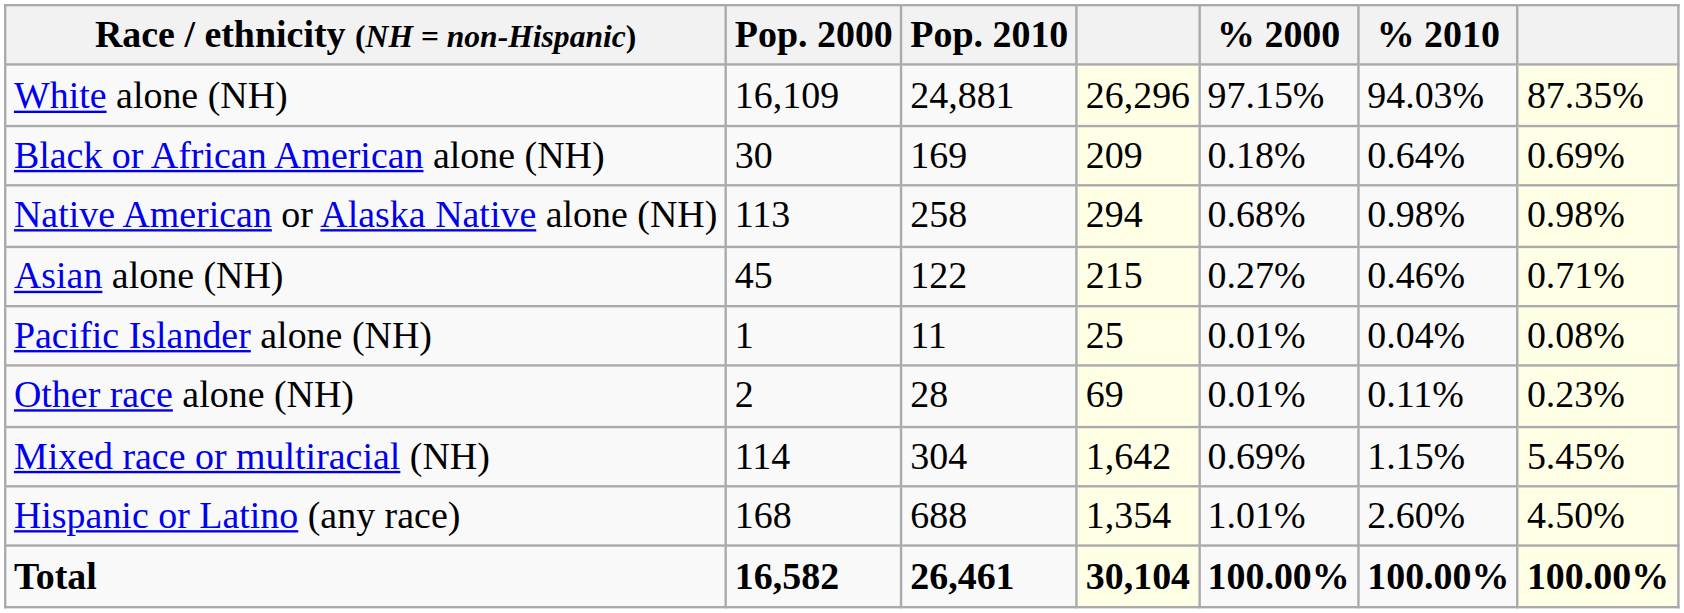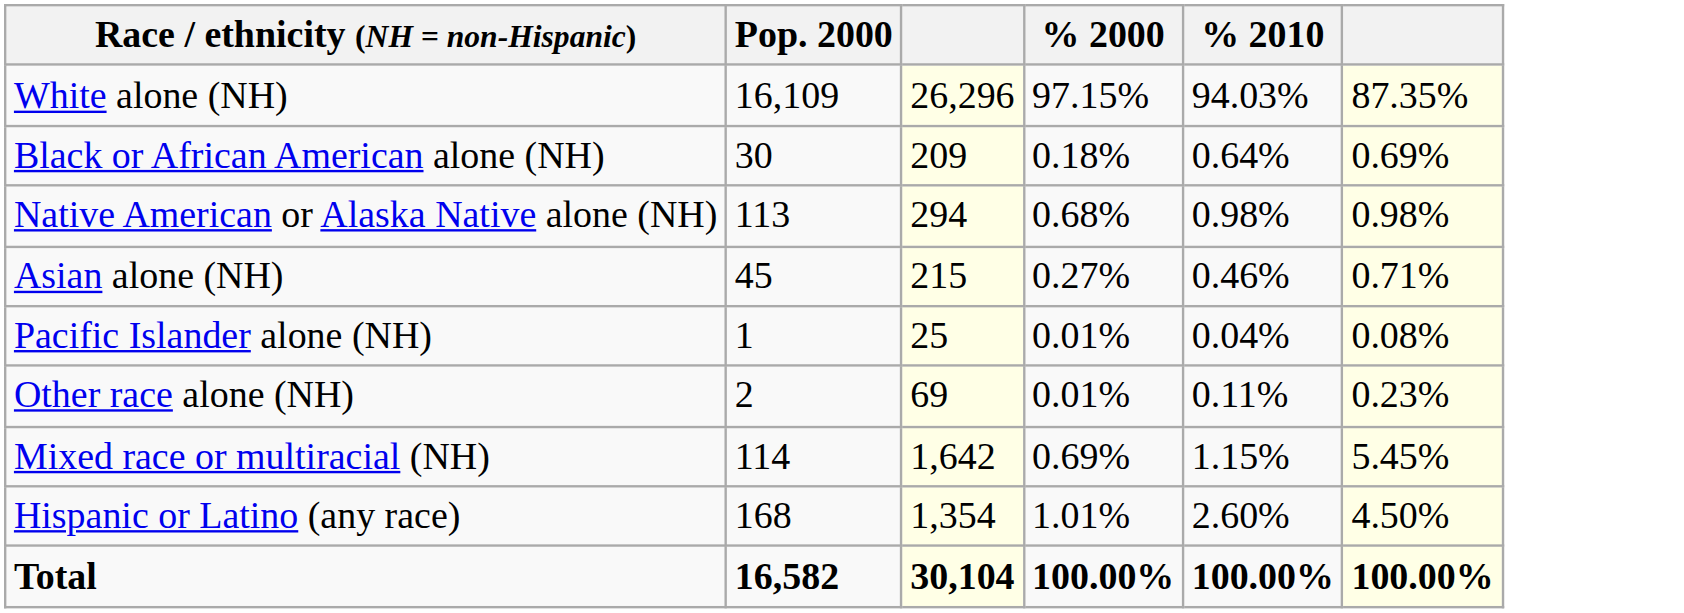 <table class="wikitable">
 <tr>
 <th>Race / ethnicity <small>(<em>NH = non-Hispanic</em>)</small></th>
 <th>Pop. 2000</th>
-<th>Pop. 2010</th>
 <th></th>
 <th>% 2000</th>
 <th>% 2010</th>
 <th></th>
 </tr>
 <tr>
 <td><a href='#'>White</a> alone (NH)</td>
 <td>16,109</td>
-<td>24,881</td>
 <td style='background: #ffffe6;'>26,296</td>
 <td>97.15%</td>
 <td>94.03%</td>
 <td style='background: #ffffe6;'>87.35%</td>
 </tr>
 <tr>
 <td><a href='#'>Black or African American</a> alone (NH)</td>
 <td>30</td>
-<td>169</td>
 <td style='background: #ffffe6;'>209</td>
 <td>0.18%</td>
 <td>0.64%</td>
 <td style='background: #ffffe6;'>0.69%</td>
 </tr>
 <tr>
 <td><a href='#'>Native American</a> or <a href='#'>Alaska Native</a> alone (NH)</td>
 <td>113</td>
-<td>258</td>
 <td style='background: #ffffe6;'>294</td>
 <td>0.68%</td>
 <td>0.98%</td>
 <td style='background: #ffffe6;'>0.98%</td>
 </tr>
 <tr>
 <td><a href='#'>Asian</a> alone (NH)</td>
 <td>45</td>
-<td>122</td>
 <td style='background: #ffffe6;'>215</td>
 <td>0.27%</td>
 <td>0.46%</td>
 <td style='background: #ffffe6;'>0.71%</td>
 </tr>
 <tr>
 <td><a href='#'>Pacific Islander</a> alone (NH)</td>
 <td>1</td>
-<td>11</td>
 <td style='background: #ffffe6;'>25</td>
 <td>0.01%</td>
 <td>0.04%</td>
 <td style='background: #ffffe6;'>0.08%</td>
 </tr>
 <tr>
 <td><a href='#'>Other race</a> alone (NH)</td>
 <td>2</td>
-<td>28</td>
 <td style='background: #ffffe6;'>69</td>
 <td>0.01%</td>
 <td>0.11%</td>
 <td style='background: #ffffe6;'>0.23%</td>
 </tr>
 <tr>
 <td><a href='#'>Mixed race or multiracial</a> (NH)</td>
 <td>114</td>
-<td>304</td>
 <td style='background: #ffffe6;'>1,642</td>
 <td>0.69%</td>
 <td>1.15%</td>
 <td style='background: #ffffe6;'>5.45%</td>
 </tr>
 <tr>
 <td><a href='#'>Hispanic or Latino</a> (any race)</td>
 <td>168</td>
-<td>688</td>
 <td style='background: #ffffe6;'>1,354</td>
 <td>1.01%</td>
 <td>2.60%</td>
 <td style='background: #ffffe6;'>4.50%</td>
 </tr>
 <tr>
 <td><strong>Total</strong></td>
 <td><strong>16,582</strong></td>
-<td><strong>26,461</strong></td>
 <td style='background: #ffffe6;'><strong>30,104</strong></td>
 <td><strong>100.00%</strong></td>
 <td><strong>100.00%</strong></td>
 <td style='background: #ffffe6;'><strong>100.00%</strong></td>
 </tr>
 </table>
